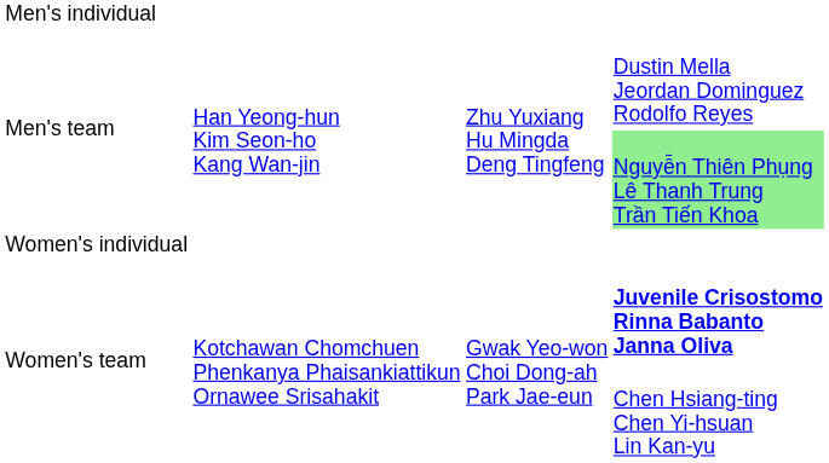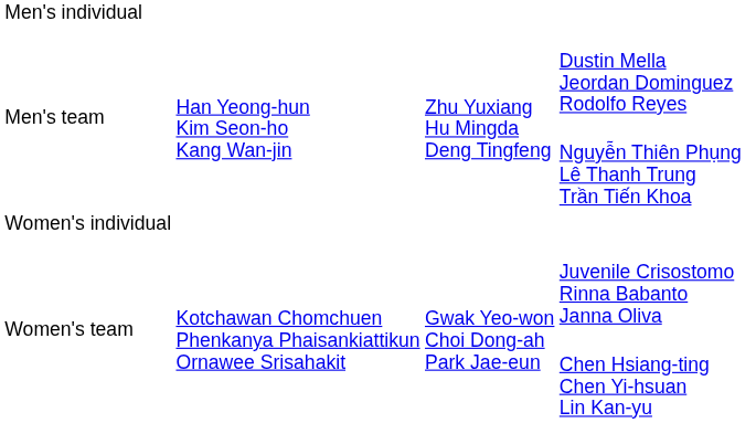 <table>
 <tr>
 <td rowspan=2>Men's individual<br></td>
 <td rowspan=2></td>
 <td rowspan=2></td>
 <td></td>
 </tr>
 <tr>
 <td></td>
 </tr>
 <tr>
 <td rowspan=2>Men's team<br></td>
 <td rowspan=2><br><a href='#'>Han Yeong-hun</a><br><a href='#'>Kim Seon-ho</a><br><a href='#'>Kang Wan-jin</a></td>
 <td rowspan=2><br><a href='#'>Zhu Yuxiang</a><br><a href='#'>Hu Mingda</a><br><a href='#'>Deng Tingfeng</a></td>
 <td><br><a href='#'>Dustin Mella</a><br><a href='#'>Jeordan Dominguez</a><br><a href='#'>Rodolfo Reyes</a></td>
 </tr>
 <tr>
-<td style="background: lightgreen;"><br><a href='#'>Nguyễn Thiên Phụng</a><br><a href='#'>Lê Thanh Trung</a><br><a href='#'>Trần Tiến Khoa</a></td>
+<td><br><a href='#'>Nguyễn Thiên Phụng</a><br><a href='#'>Lê Thanh Trung</a><br><a href='#'>Trần Tiến Khoa</a></td>
 </tr>
 <tr>
 <td rowspan=2>Women's individual<br></td>
 <td rowspan=2></td>
 <td rowspan=2></td>
 <td></td>
 </tr>
 <tr>
 <td></td>
 </tr>
 <tr>
 <td rowspan=2>Women's team<br></td>
 <td rowspan=2><br><a href='#'>Kotchawan Chomchuen</a><br><a href='#'>Phenkanya Phaisankiattikun</a><br><a href='#'>Ornawee Srisahakit</a></td>
 <td rowspan=2><br><a href='#'>Gwak Yeo-won</a><br><a href='#'>Choi Dong-ah</a><br><a href='#'>Park Jae-eun</a></td>
-<td><strong><br><a href='#'>Juvenile Crisostomo</a><br><a href='#'>Rinna Babanto</a><br><a href='#'>Janna Oliva</a></strong></td>
+<td><br><a href='#'>Juvenile Crisostomo</a><br><a href='#'>Rinna Babanto</a><br><a href='#'>Janna Oliva</a></td>
 </tr>
 <tr>
 <td><br><a href='#'>Chen Hsiang-ting</a><br><a href='#'>Chen Yi-hsuan</a><br><a href='#'>Lin Kan-yu</a></td>
 </tr>
 </table>
